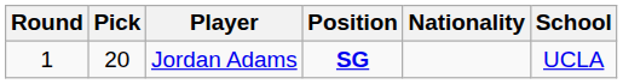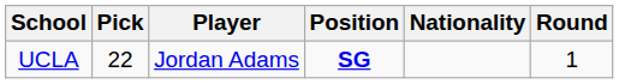 <table class="wikitable sortable sortable">
 <tr>
-<th>Round</th>
+<th>School</th>
 <th>Pick</th>
 <th>Player</th>
 <th>Position</th>
 <th>Nationality</th>
-<th>School</th>
+<th>Round</th>
 </tr>
 <tr style="text-align: center">
-<td>1</td>
-<td>20</td>
+<td><a href='#'>UCLA</a></td>
+<td>22</td>
 <td><a href='#'>Jordan Adams</a></td>
 <td><strong><a href='#'>SG</a></strong></td>
 <td></td>
-<td><a href='#'>UCLA</a></td>
+<td>1</td>
 </tr>
 </table>
